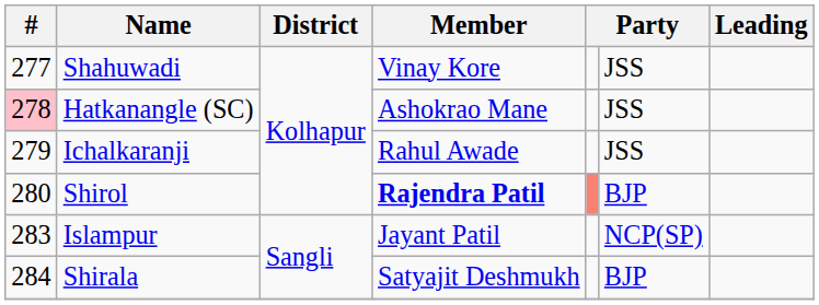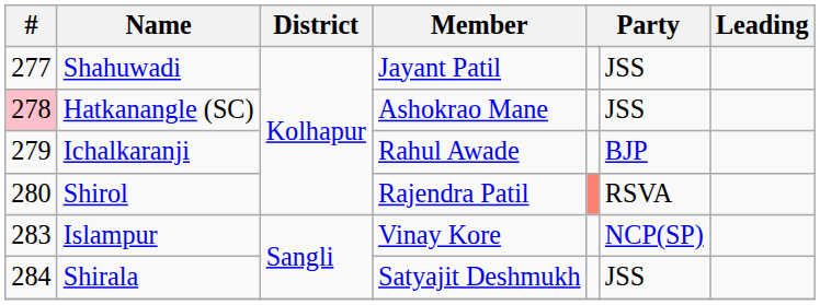 <table class="wikitable">
 <tr>
 <th>#</th>
 <th>Name</th>
 <th>District</th>
 <th>Member</th>
 <th colspan="2">Party</th>
 <th colspan=2>Leading<br></th>
 </tr>
 <tr>
 <td>277</td>
 <td><a href='#'>Shahuwadi</a></td>
 <td rowspan="4"><a href='#'>Kolhapur</a></td>
-<td><a href='#'>Vinay Kore</a></td>
+<td><a href='#'>Jayant Patil</a></td>
 <td style="background-color: "></td>
 <td>JSS</td>
 <td></td>
 </tr>
 <tr>
 <td style="background: pink;">278</td>
 <td><a href='#'>Hatkanangle</a> (SC)</td>
 <td><a href='#'>Ashokrao Mane</a></td>
 <td style="background-color: "></td>
 <td>JSS</td>
 <td></td>
 </tr>
 <tr>
 <td>279</td>
 <td><a href='#'>Ichalkaranji</a></td>
 <td><a href='#'>Rahul Awade</a></td>
 <td style="background-color: "></td>
-<td>JSS</td>
+<td><a href='#'>BJP</a></td>
 <td></td>
 </tr>
 <tr>
 <td>280</td>
 <td><a href='#'>Shirol</a></td>
-<td><strong><a href='#'>Rajendra Patil</a></strong></td>
+<td><a href='#'>Rajendra Patil</a></td>
 <td bgcolor=Salmon></td>
-<td><a href='#'>BJP</a></td>
+<td>RSVA</td>
 <td></td>
 </tr>
 <tr>
 <td>283</td>
 <td><a href='#'>Islampur</a></td>
 <td rowspan="2"><a href='#'>Sangli</a></td>
-<td><a href='#'>Jayant Patil</a></td>
+<td><a href='#'>Vinay Kore</a></td>
 <td style="background-color: "></td>
 <td><a href='#'>NCP(SP)</a></td>
 <td></td>
 </tr>
 <tr>
 <td>284</td>
 <td><a href='#'>Shirala</a></td>
 <td><a href='#'>Satyajit Deshmukh</a></td>
 <td style="background-color: "></td>
-<td><a href='#'>BJP</a></td>
+<td>JSS</td>
 <td></td>
 </tr>
 <tr>
 </tr>
 </table>
